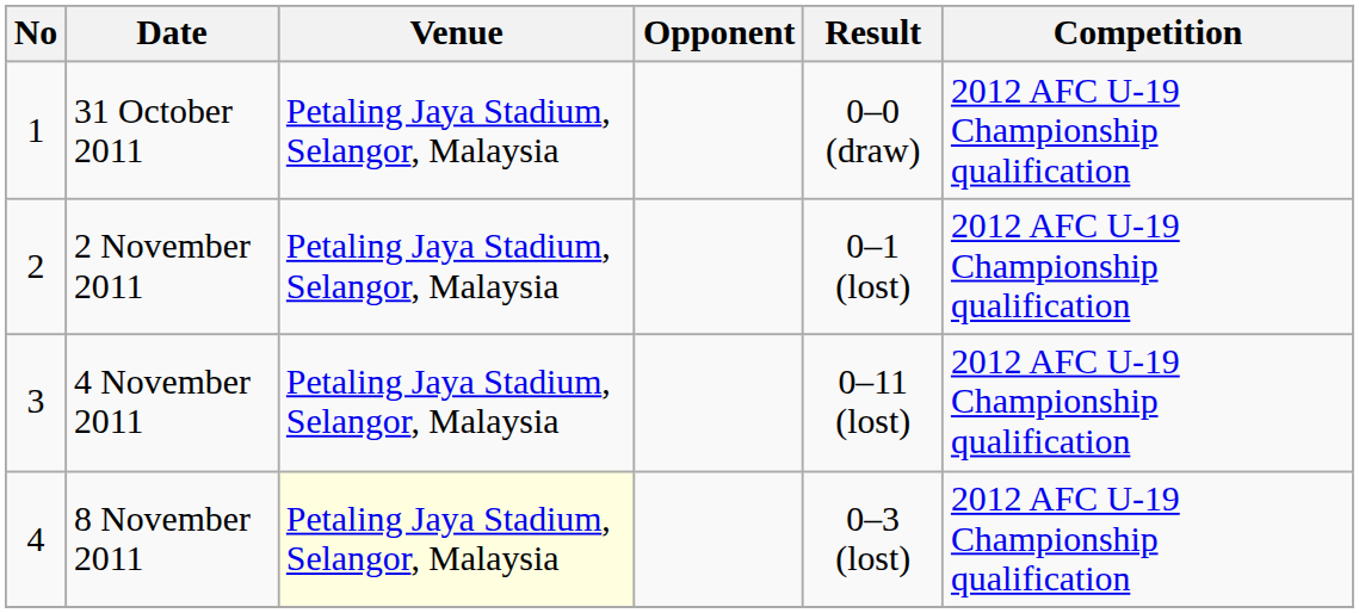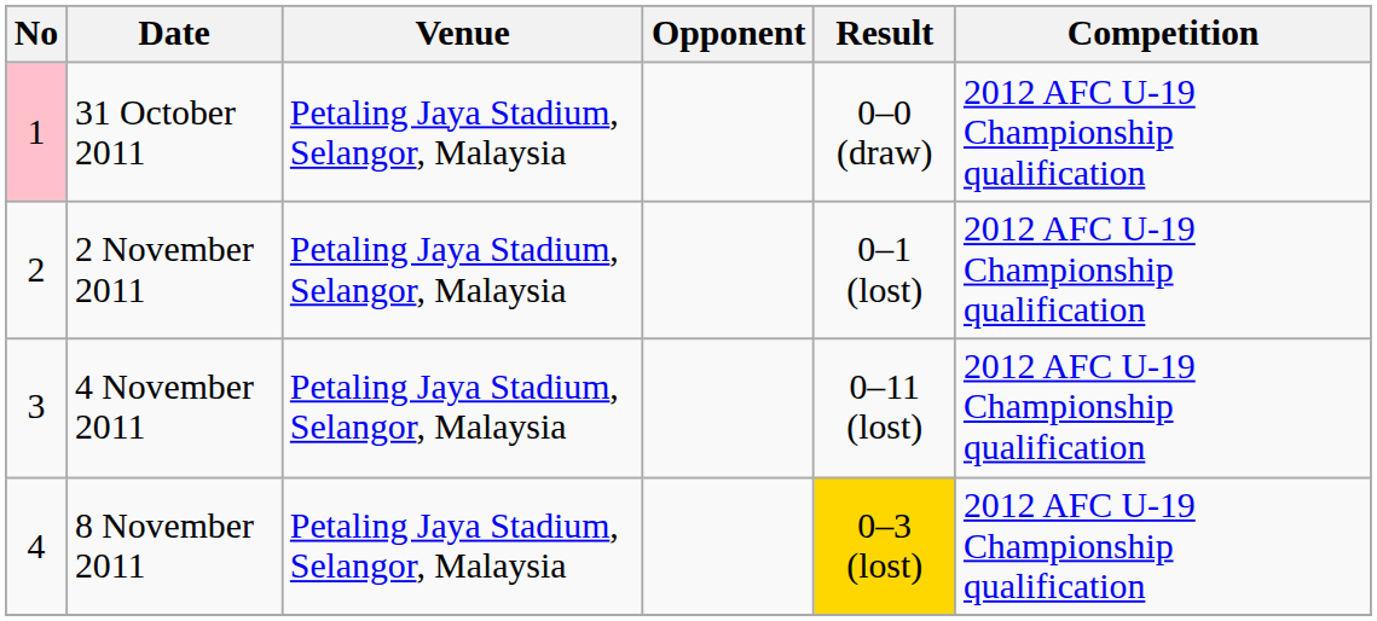 <table class="wikitable">
 <tr>
 <th>No</th>
 <th>Date</th>
 <th>Venue</th>
 <th>Opponent</th>
 <th>Result</th>
 <th>Competition</th>
 </tr>
 <tr>
-<td align=center>1</td>
+<td align=center style="background: pink;">1</td>
 <td>31 October 2011</td>
 <td><a href='#'>Petaling Jaya Stadium</a>, <a href='#'>Selangor</a>, Malaysia</td>
 <td></td>
 <td align=center>0–0 (draw)</td>
 <td><a href='#'>2012 AFC U-19 Championship qualification</a></td>
 </tr>
 <tr>
 <td align=center>2</td>
 <td>2 November 2011</td>
 <td><a href='#'>Petaling Jaya Stadium</a>, <a href='#'>Selangor</a>, Malaysia</td>
 <td></td>
 <td align=center>0–1 (lost)</td>
 <td><a href='#'>2012 AFC U-19 Championship qualification</a></td>
 </tr>
 <tr>
 <td align=center>3</td>
 <td>4 November 2011</td>
 <td><a href='#'>Petaling Jaya Stadium</a>, <a href='#'>Selangor</a>, Malaysia</td>
 <td></td>
 <td align=center>0–11 (lost)</td>
 <td><a href='#'>2012 AFC U-19 Championship qualification</a></td>
 </tr>
 <tr>
 <td align=center>4</td>
 <td>8 November 2011</td>
-<td style="background: lightyellow;"><a href='#'>Petaling Jaya Stadium</a>, <a href='#'>Selangor</a>, Malaysia</td>
+<td><a href='#'>Petaling Jaya Stadium</a>, <a href='#'>Selangor</a>, Malaysia</td>
 <td></td>
-<td align=center>0–3 (lost)</td>
+<td align=center style="background: gold;">0–3 (lost)</td>
 <td><a href='#'>2012 AFC U-19 Championship qualification</a></td>
 </tr>
 <tr>
 </tr>
 </table>
